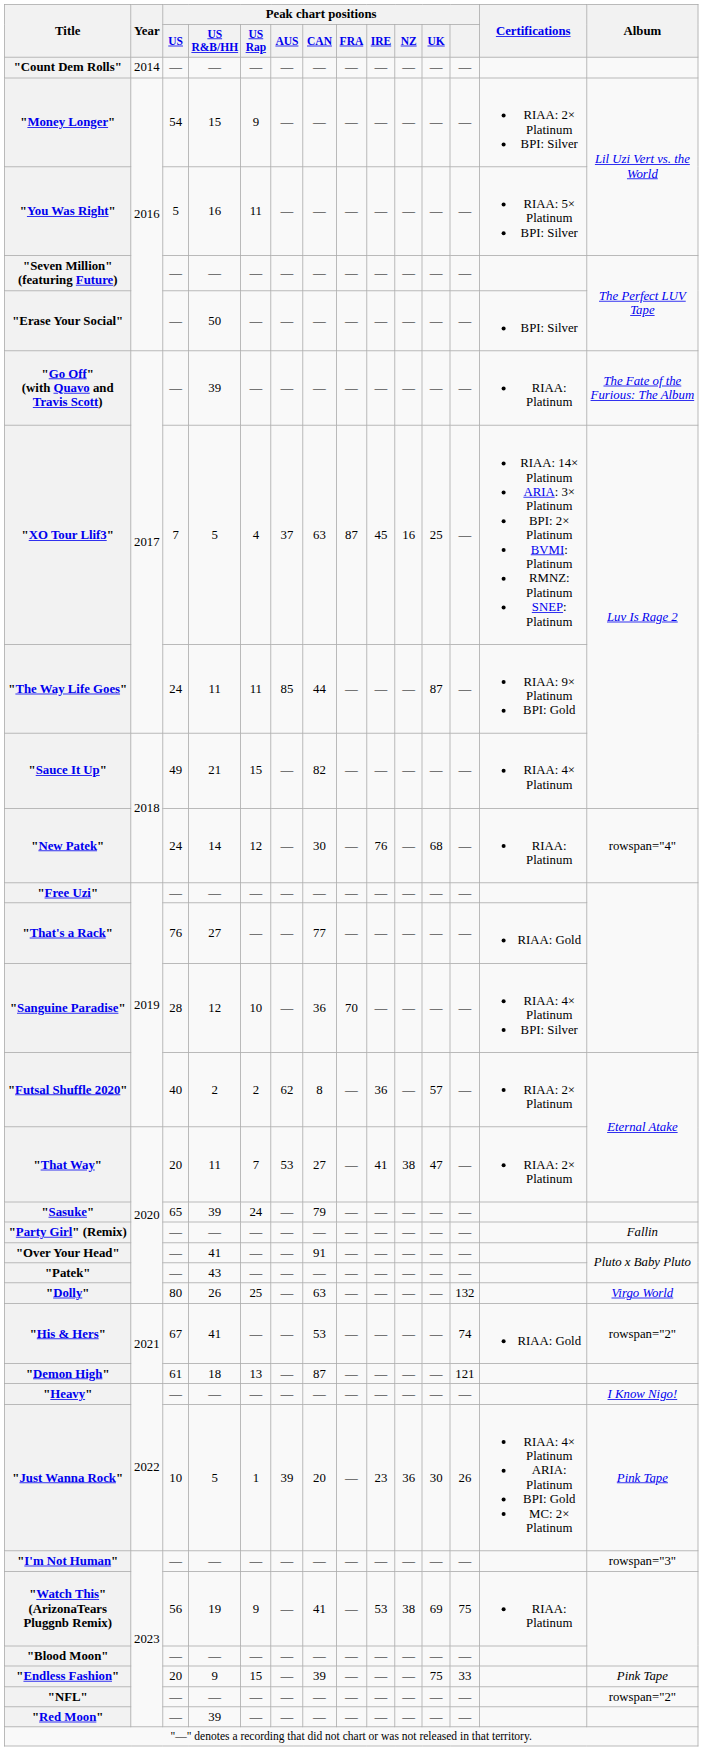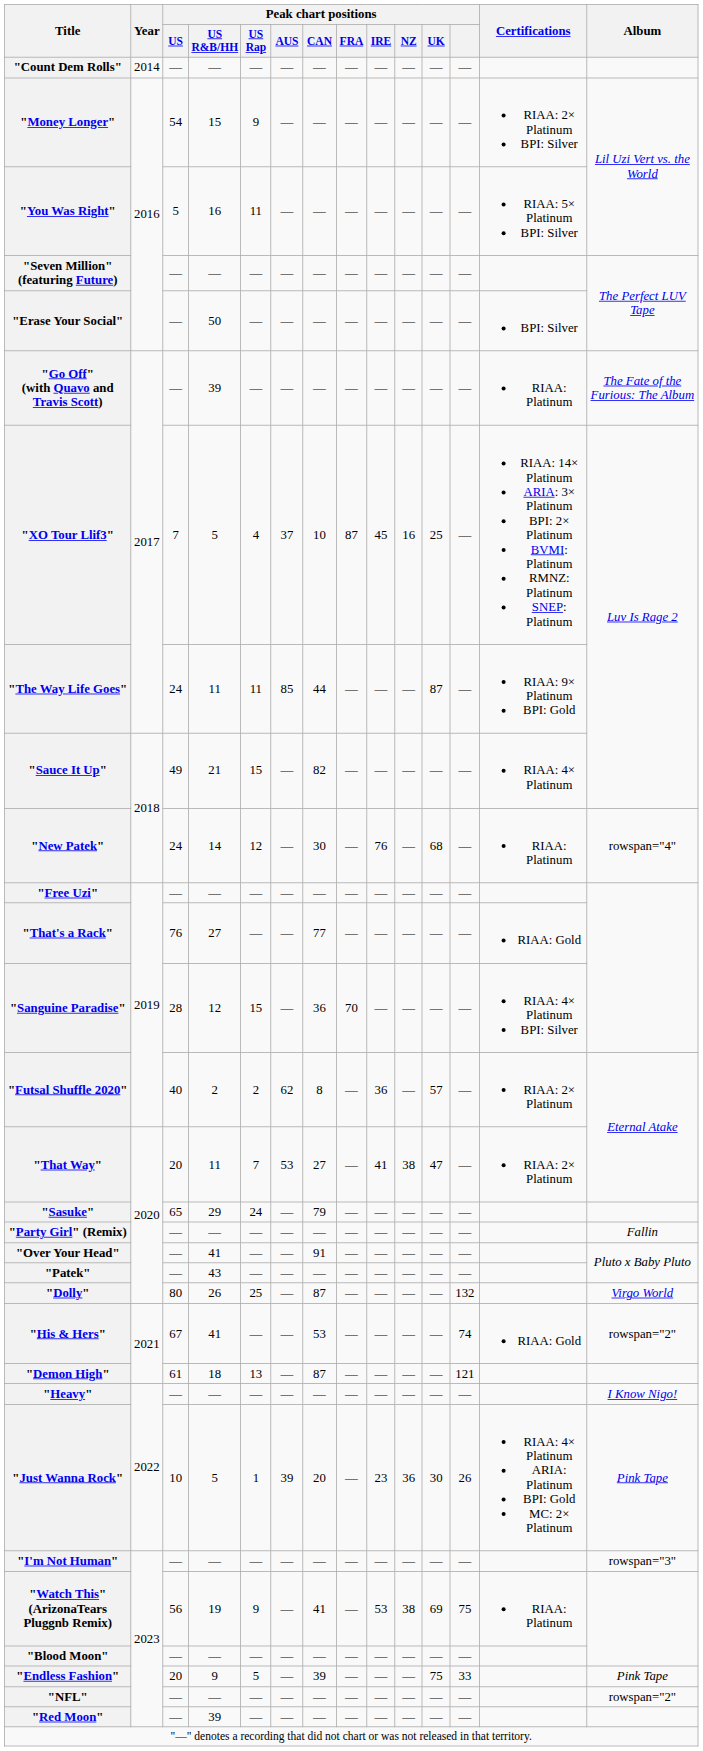 <table class="wikitable plainrowheaders" style="text-align:center;">
 <tr>
 <th scope="col" rowspan="2" style="width:17em;">Title</th>
 <th scope="col" rowspan="2" style="width:1em;">Year</th>
 <th scope="col" colspan="10">Peak chart positions</th>
 <th scope="col" rowspan="2" style="width:12em;"><a href='#'>Certifications</a></th>
 <th scope="col" rowspan="2" style="width:15em;">Album</th>
 </tr>
 <tr>
 <th scope="col" style="width:3em;font-size:90%;"><a href='#'>US</a><br></th>
 <th scope="col" style="width:3em;font-size:90%;"><a href='#'>US R&B/HH</a><br></th>
 <th scope="col" style="width:3em;font-size:90%;"><a href='#'>US<br>Rap</a><br></th>
 <th scope="col" style="width:3em;font-size:90%;"><a href='#'>AUS</a><br></th>
 <th scope="col" style="width:3em;font-size:90%;"><a href='#'>CAN</a><br></th>
 <th scope="col" style="width:2.5em;font-size:90%;"><a href='#'>FRA</a><br></th>
 <th scope="col" style="width:2.5em;font-size:90%;"><a href='#'>IRE</a><br></th>
 <th scope="col" style="width:3em;font-size:90%;"><a href='#'>NZ</a><br></th>
 <th scope="col" style="width:3em;font-size:90%;"><a href='#'>UK</a><br></th>
 <th scope="col" style="width:3em;font-size:90%;"><a href='#'></a><br></th>
 </tr>
 <tr>
 <th scope="row">"Count Dem Rolls"<br></th>
 <td>2014</td>
 <td>—</td>
 <td>—</td>
 <td>—</td>
 <td>—</td>
 <td>—</td>
 <td>—</td>
 <td>—</td>
 <td>—</td>
 <td>—</td>
 <td>—</td>
 <td></td>
 <td></td>
 </tr>
 <tr>
 <th scope="row">"<a href='#'>Money Longer</a>"</th>
 <td rowspan="4">2016</td>
 <td>54</td>
 <td>15</td>
 <td>9</td>
 <td>—</td>
 <td>—</td>
 <td>—</td>
 <td>—</td>
 <td>—</td>
 <td>—</td>
 <td>—</td>
 <td><br><ul><li>RIAA: 2× Platinum</li><li>BPI: Silver</li></ul></td>
 <td rowspan="2"><em><a href='#'>Lil Uzi Vert vs. the World</a></em></td>
 </tr>
 <tr>
 <th scope="row">"<a href='#'>You Was Right</a>"</th>
 <td>5</td>
 <td>16</td>
 <td>11</td>
 <td>—</td>
 <td>—</td>
 <td>—</td>
 <td>—</td>
 <td>—</td>
 <td>—</td>
 <td>—</td>
 <td><br><ul><li>RIAA: 5× Platinum</li><li>BPI: Silver</li></ul></td>
 </tr>
 <tr>
 <th scope="row">"Seven Million"<br><span>(featuring <a href='#'>Future</a>)</span></th>
 <td>—</td>
 <td>—</td>
 <td>—</td>
 <td>—</td>
 <td>—</td>
 <td>—</td>
 <td>—</td>
 <td>—</td>
 <td>—</td>
 <td>—</td>
 <td></td>
 <td rowspan="2"><em><a href='#'>The Perfect LUV Tape</a></em></td>
 </tr>
 <tr>
 <th scope="row">"Erase Your Social"</th>
 <td>—</td>
 <td>50</td>
 <td>—</td>
 <td>—</td>
 <td>—</td>
 <td>—</td>
 <td>—</td>
 <td>—</td>
 <td>—</td>
 <td>—</td>
 <td><br><ul><li>BPI: Silver</li></ul></td>
 </tr>
 <tr>
 <th scope="row">"<a href='#'>Go Off</a>"<br><span>(with <a href='#'>Quavo</a> and <a href='#'>Travis Scott</a>)</span></th>
 <td rowspan="3">2017</td>
 <td>—</td>
 <td>39</td>
 <td>—</td>
 <td>—</td>
 <td>—</td>
 <td>—</td>
 <td>—</td>
 <td>—</td>
 <td>—</td>
 <td>—</td>
 <td><br><ul><li>RIAA: Platinum</li></ul></td>
 <td><em><a href='#'>The Fate of the Furious: The Album</a></em></td>
 </tr>
 <tr>
 <th scope="row">"<a href='#'>XO Tour Llif3</a>"</th>
 <td>7</td>
 <td>5</td>
 <td>4</td>
 <td>37</td>
-<td>63</td>
+<td>10</td>
 <td>87</td>
 <td>45</td>
 <td>16</td>
 <td>25</td>
 <td>—</td>
 <td><br><ul><li>RIAA: 14× Platinum</li><li><a href='#'>ARIA</a>: 3× Platinum</li><li>BPI: 2× Platinum</li><li><a href='#'>BVMI</a>: Platinum</li><li>RMNZ: Platinum</li><li><a href='#'>SNEP</a>: Platinum</li></ul></td>
 <td rowspan="3"><em><a href='#'>Luv Is Rage 2</a></em></td>
 </tr>
 <tr>
 <th scope="row">"<a href='#'>The Way Life Goes</a>"<br></th>
 <td>24</td>
 <td>11</td>
 <td>11</td>
 <td>85</td>
 <td>44</td>
 <td>—</td>
 <td>—</td>
 <td>—</td>
 <td>87</td>
 <td>—</td>
 <td><br><ul><li>RIAA: 9× Platinum</li><li>BPI: Gold</li></ul></td>
 </tr>
 <tr>
 <th scope="row">"<a href='#'>Sauce It Up</a>"</th>
 <td rowspan="2">2018</td>
 <td>49</td>
 <td>21</td>
 <td>15</td>
 <td>—</td>
 <td>82</td>
 <td>—</td>
 <td>—</td>
 <td>—</td>
 <td>—</td>
 <td>—</td>
 <td><br><ul><li>RIAA: 4× Platinum</li></ul></td>
 </tr>
 <tr>
 <th scope="row">"<a href='#'>New Patek</a>"</th>
 <td>24</td>
 <td>14</td>
 <td>12</td>
 <td>—</td>
 <td>30</td>
 <td>—</td>
 <td>76</td>
 <td>—</td>
 <td>68</td>
 <td>—</td>
 <td><br><ul><li>RIAA: Platinum</li></ul></td>
 <td>rowspan="4" </td>
 </tr>
 <tr>
 <th scope="row">"<a href='#'>Free Uzi</a>"</th>
 <td rowspan="4">2019</td>
 <td>—</td>
 <td>—</td>
 <td>—</td>
 <td>—</td>
 <td>—</td>
 <td>—</td>
 <td>—</td>
 <td>—</td>
 <td>—</td>
 <td>—</td>
 <td></td>
 </tr>
 <tr>
 <th scope="row">"<a href='#'>That's a Rack</a>"</th>
 <td>76</td>
 <td>27</td>
 <td>—</td>
 <td>—</td>
 <td>77</td>
 <td>—</td>
 <td>—</td>
 <td>—</td>
 <td>—</td>
 <td>—</td>
 <td><br><ul><li>RIAA: Gold</li></ul></td>
 </tr>
 <tr>
 <th scope="row">"<a href='#'>Sanguine Paradise</a>"</th>
 <td>28</td>
 <td>12</td>
-<td>10</td>
+<td>15</td>
 <td>—</td>
 <td>36</td>
 <td>70</td>
 <td>—</td>
 <td>—</td>
 <td>—</td>
 <td>—</td>
 <td><br><ul><li>RIAA: 4× Platinum</li><li>BPI: Silver</li></ul></td>
 </tr>
 <tr>
 <th scope="row">"<a href='#'>Futsal Shuffle 2020</a>"</th>
 <td>40</td>
 <td>2</td>
 <td>2</td>
 <td>62</td>
 <td>8</td>
 <td>—</td>
 <td>36</td>
 <td>—</td>
 <td>57</td>
 <td>—</td>
 <td><br><ul><li>RIAA: 2× Platinum</li></ul></td>
 <td rowspan="2"><em><a href='#'>Eternal Atake</a></em></td>
 </tr>
 <tr>
 <th scope="row">"<a href='#'>That Way</a>"</th>
 <td rowspan="6">2020</td>
 <td>20</td>
 <td>11</td>
 <td>7</td>
 <td>53</td>
 <td>27</td>
 <td>—</td>
 <td>41</td>
 <td>38</td>
 <td>47</td>
 <td>—</td>
 <td><br><ul><li>RIAA: 2× Platinum</li></ul></td>
 </tr>
 <tr>
 <th scope="row">"<a href='#'>Sasuke</a>"</th>
 <td>65</td>
-<td>39</td>
+<td>29</td>
 <td>24</td>
 <td>—</td>
 <td>79</td>
 <td>—</td>
 <td>—</td>
 <td>—</td>
 <td>—</td>
 <td>—</td>
 <td></td>
 <td></td>
 </tr>
 <tr>
 <th scope="row">"<a href='#'>Party Girl</a>" (Remix)<br></th>
 <td>—</td>
 <td>—</td>
 <td>—</td>
 <td>—</td>
 <td>—</td>
 <td>—</td>
 <td>—</td>
 <td>—</td>
 <td>—</td>
 <td>—</td>
 <td></td>
 <td><em>Fallin</em></td>
 </tr>
 <tr>
 <th scope="row">"Over Your Head"<br></th>
 <td>—</td>
 <td>41</td>
 <td>—</td>
 <td>—</td>
 <td>91</td>
 <td>—</td>
 <td>—</td>
 <td>—</td>
 <td>—</td>
 <td>—</td>
 <td></td>
 <td rowspan="2"><em>Pluto x Baby Pluto</em></td>
 </tr>
 <tr>
 <th scope="row">"Patek"<br></th>
 <td>—</td>
 <td>43</td>
 <td>—</td>
 <td>—</td>
 <td>—</td>
 <td>—</td>
 <td>—</td>
 <td>—</td>
 <td>—</td>
 <td>—</td>
 <td></td>
 </tr>
 <tr>
 <th scope="row">"<a href='#'>Dolly</a>"<br></th>
 <td>80</td>
 <td>26</td>
 <td>25</td>
 <td>—</td>
-<td>63</td>
+<td>87</td>
 <td>—</td>
 <td>—</td>
 <td>—</td>
 <td>—</td>
 <td>132</td>
 <td></td>
 <td><em><a href='#'>Virgo World</a></em></td>
 </tr>
 <tr>
 <th scope="row">"<a href='#'>His & Hers</a>"<br></th>
 <td rowspan="2">2021</td>
 <td>67</td>
 <td>41</td>
 <td>—</td>
 <td>—</td>
 <td>53</td>
 <td>—</td>
 <td>—</td>
 <td>—</td>
 <td>—</td>
 <td>74</td>
 <td><br><ul><li>RIAA: Gold</li></ul></td>
 <td>rowspan="2" </td>
 </tr>
 <tr>
 <th scope="row">"<a href='#'>Demon High</a>"</th>
 <td>61</td>
 <td>18</td>
 <td>13</td>
 <td>—</td>
 <td>87</td>
 <td>—</td>
 <td>—</td>
 <td>—</td>
 <td>—</td>
 <td>121</td>
 <td></td>
 </tr>
 <tr>
 <th scope="row">"<a href='#'>Heavy</a>"<br></th>
 <td rowspan="2">2022</td>
 <td>—</td>
 <td>—</td>
 <td>—</td>
 <td>—</td>
 <td>—</td>
 <td>—</td>
 <td>—</td>
 <td>—</td>
 <td>—</td>
 <td>—</td>
 <td></td>
 <td><em><a href='#'>I Know Nigo!</a></em></td>
 </tr>
 <tr>
 <th scope="row">"<a href='#'>Just Wanna Rock</a>"</th>
 <td>10</td>
 <td>5</td>
 <td>1</td>
 <td>39</td>
 <td>20</td>
 <td>—</td>
 <td>23</td>
 <td>36</td>
 <td>30</td>
 <td>26</td>
 <td><br><ul><li>RIAA: 4× Platinum</li><li>ARIA: Platinum</li><li>BPI: Gold</li><li>MC: 2× Platinum</li></ul></td>
 <td><em><a href='#'>Pink Tape</a></em></td>
 </tr>
 <tr>
 <th scope="row">"<a href='#'>I'm Not Human</a>"<br></th>
 <td rowspan="6">2023</td>
 <td>—</td>
 <td>—</td>
 <td>—</td>
 <td>—</td>
 <td>—</td>
 <td>—</td>
 <td>—</td>
 <td>—</td>
 <td>—</td>
 <td>—</td>
 <td></td>
 <td>rowspan="3" </td>
 </tr>
 <tr>
 <th scope="row">"<a href='#'>Watch This</a>" (ArizonaTears Pluggnb Remix)<br></th>
 <td>56</td>
 <td>19</td>
 <td>9</td>
 <td>—</td>
 <td>41</td>
 <td>—</td>
 <td>53</td>
 <td>38</td>
 <td>69</td>
 <td>75</td>
 <td><br><ul><li>RIAA: Platinum</li></ul></td>
 </tr>
 <tr>
 <th scope="row">"Blood Moon"<br></th>
 <td>—</td>
 <td>—</td>
 <td>—</td>
 <td>—</td>
 <td>—</td>
 <td>—</td>
 <td>—</td>
 <td>—</td>
 <td>—</td>
 <td>—</td>
 <td></td>
 </tr>
 <tr>
 <th scope="row">"<a href='#'>Endless Fashion</a>"<br></th>
 <td>20</td>
 <td>9</td>
-<td>15</td>
+<td>5</td>
 <td>—</td>
 <td>39</td>
 <td>—</td>
 <td>—</td>
 <td>—</td>
 <td>75</td>
 <td>33</td>
 <td></td>
 <td><em>Pink Tape</em></td>
 </tr>
 <tr>
 <th scope="row">"NFL"</th>
 <td>—</td>
 <td>—</td>
 <td>—</td>
 <td>—</td>
 <td>—</td>
 <td>—</td>
 <td>—</td>
 <td>—</td>
 <td>—</td>
 <td>—</td>
 <td></td>
 <td>rowspan="2" </td>
 </tr>
 <tr>
 <th scope="row">"<a href='#'>Red Moon</a>"</th>
 <td>—</td>
 <td>39</td>
 <td>—</td>
 <td>—</td>
 <td>—</td>
 <td>—</td>
 <td>—</td>
 <td>—</td>
 <td>—</td>
 <td>—</td>
 <td></td>
 </tr>
 <tr>
 <td colspan="14" style="font-size:90%">"—" denotes a recording that did not chart or was not released in that territory.</td>
 </tr>
 </table>
